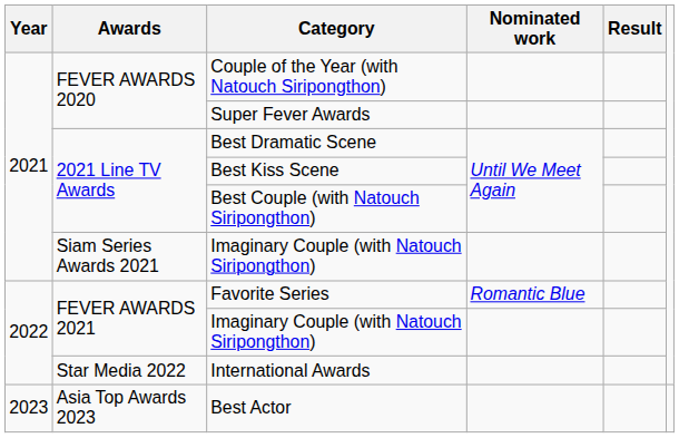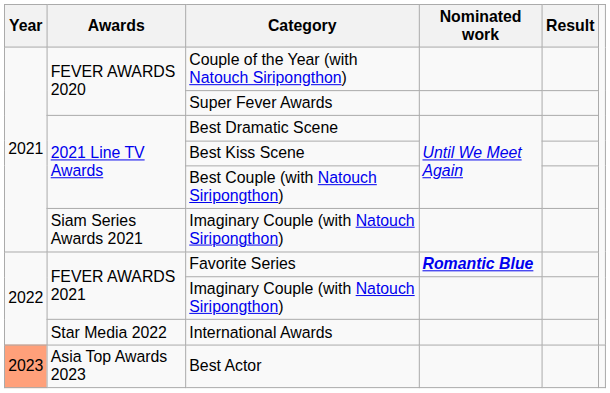 <table class="wikitable">
 <tr>
 <th>Year</th>
 <th>Awards</th>
 <th>Category</th>
 <th>Nominated work</th>
 <th>Result</th>
 </tr>
 <tr>
 <td rowspan="6">2021</td>
 <td rowspan="2">FEVER AWARDS 2020</td>
 <td>Couple of the Year (with <a href='#'>Natouch Siripongthon</a>)</td>
 <td></td>
 <td></td>
 </tr>
 <tr>
 <td>Super Fever Awards</td>
 <td></td>
 <td></td>
 </tr>
 <tr>
 <td rowspan="3"><a href='#'>2021 Line TV Awards</a></td>
 <td>Best Dramatic Scene</td>
 <td rowspan="3"><em><a href='#'>Until We Meet Again</a></em></td>
 <td></td>
 </tr>
 <tr>
 <td>Best Kiss Scene</td>
 <td></td>
 </tr>
 <tr>
 <td>Best Couple (with <a href='#'>Natouch Siripongthon</a>)</td>
 <td></td>
 </tr>
 <tr>
 <td>Siam Series Awards 2021</td>
 <td>Imaginary Couple (with <a href='#'>Natouch Siripongthon</a>)</td>
 <td></td>
 <td></td>
 </tr>
 <tr>
 <td rowspan="3">2022</td>
 <td rowspan="2">FEVER AWARDS 2021</td>
 <td>Favorite Series</td>
-<td><em><a href='#'>Romantic Blue</a></em></td>
+<td><strong><em><a href='#'>Romantic Blue</a></em></strong></td>
 <td></td>
 </tr>
 <tr>
 <td>Imaginary Couple (with <a href='#'>Natouch Siripongthon</a>)</td>
 <td></td>
 <td></td>
 </tr>
 <tr>
 <td>Star Media 2022</td>
 <td>International Awards</td>
 <td></td>
 <td></td>
 </tr>
 <tr>
-<td>2023</td>
+<td style="background: lightsalmon;">2023</td>
 <td>Asia Top Awards 2023</td>
 <td>Best Actor</td>
 <td></td>
 <td></td>
 <td></td>
 </tr>
 </table>
